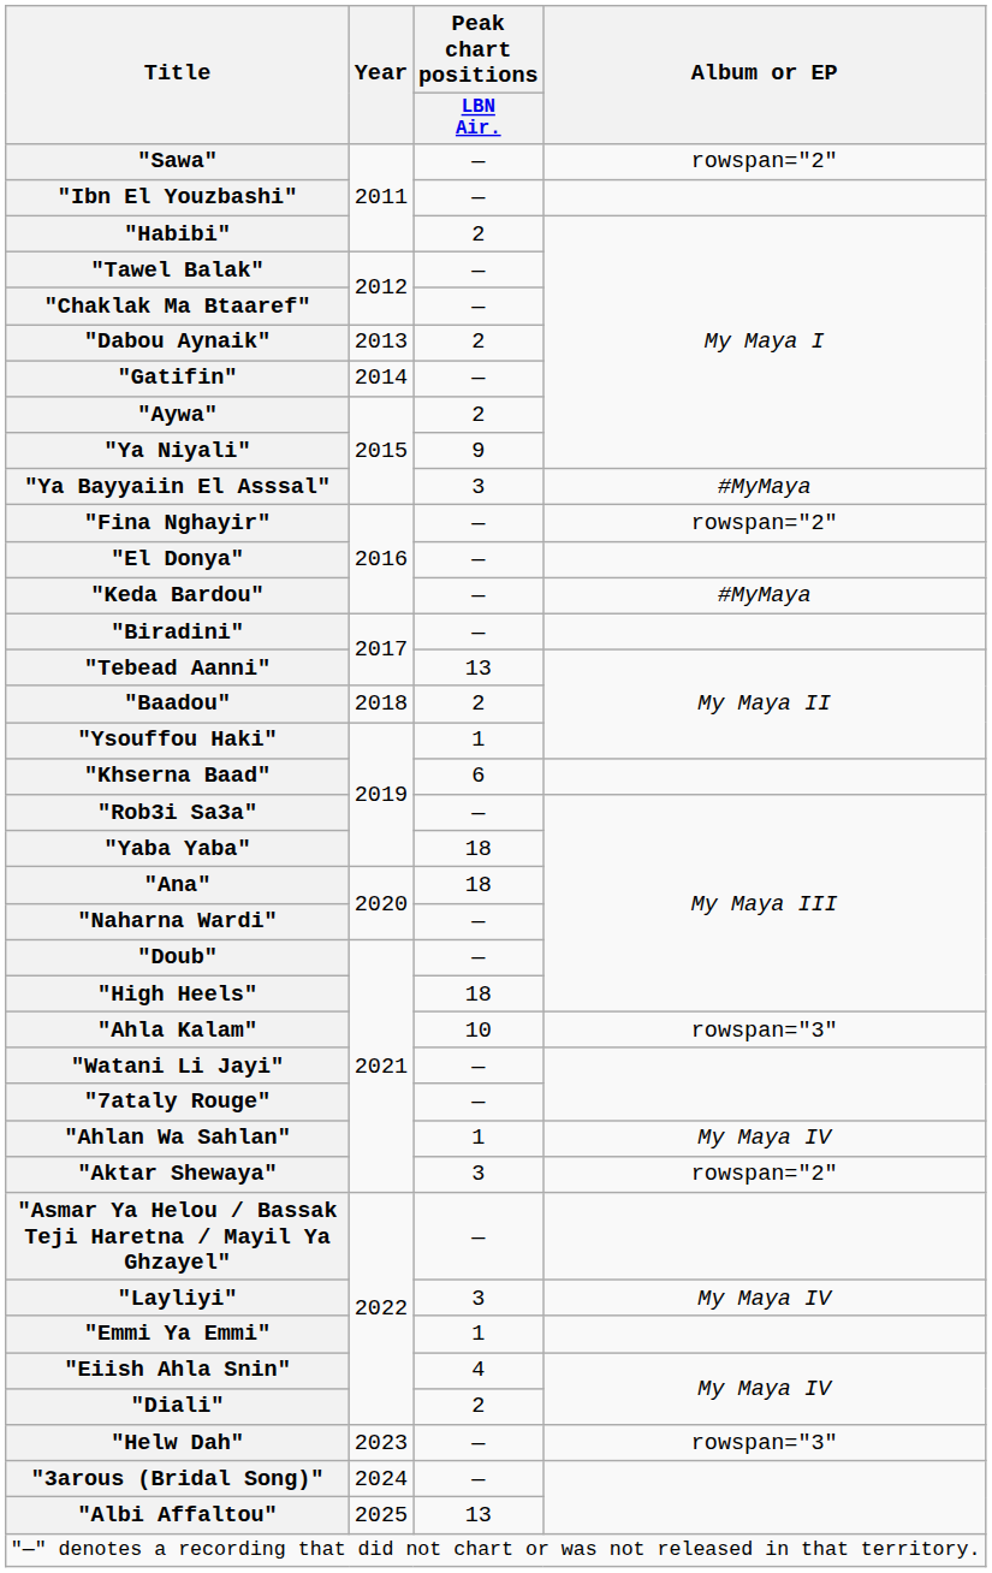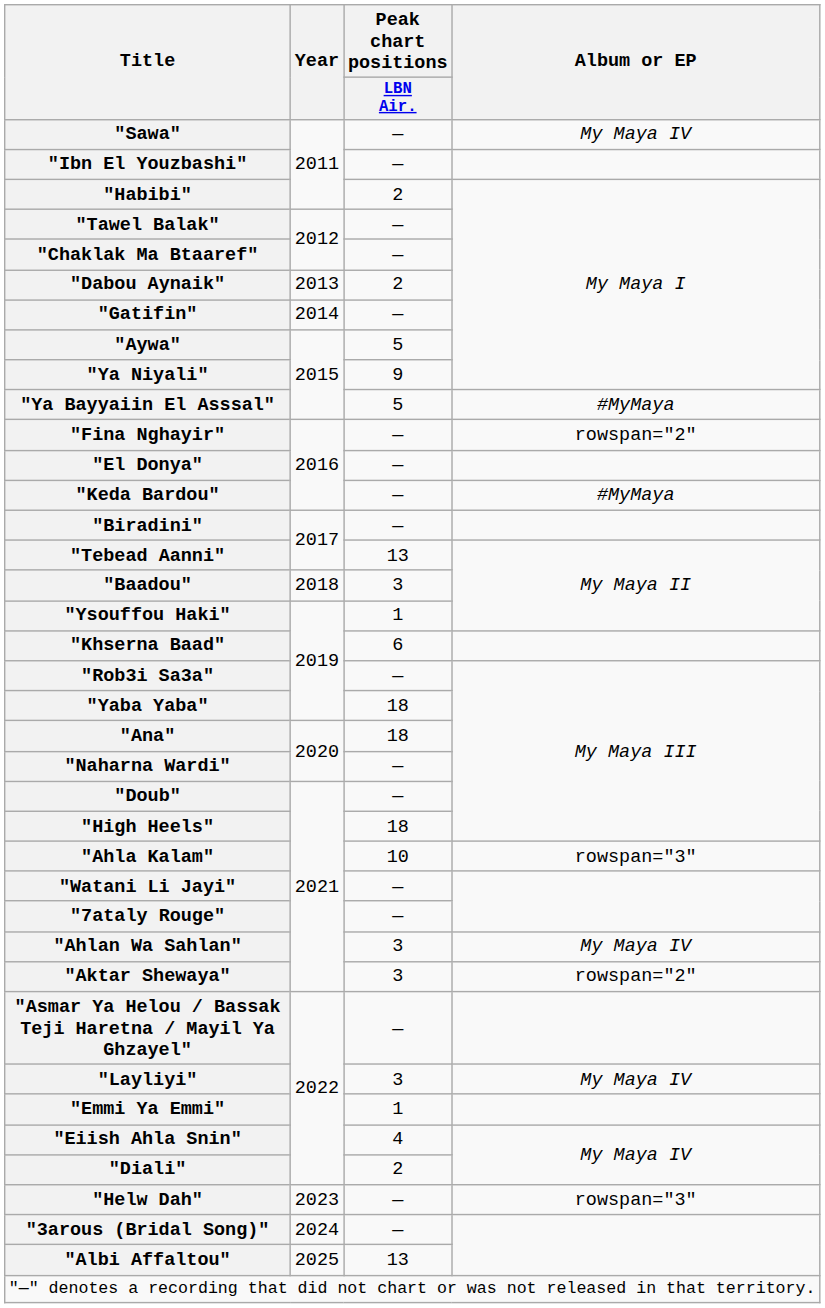 <table class="wikitable plainrowheaders" style="text-align:center;">
 <tr>
 <th scope="col" rowspan="2" style="width:15em;">Title</th>
 <th scope="col" rowspan="2" style="width:1em;">Year</th>
 <th>Peak chart positions</th>
 <th scope="col" rowspan="2">Album or EP</th>
 </tr>
 <tr>
 <th scope="col" style="width:3em;font-size:85%;"><a href='#'>LBN<br>Air.</a><br></th>
 </tr>
 <tr>
 <th scope="row">"Sawa"<br></th>
 <td rowspan="3">2011</td>
 <td>—</td>
-<td>rowspan="2" </td>
+<td><em>My Maya IV</em></td>
 </tr>
 <tr>
 <th scope="row">"Ibn El Youzbashi"</th>
 <td>—</td>
 </tr>
 <tr>
 <th scope="row">"Habibi"</th>
 <td>2</td>
 <td rowspan="7"><em>My Maya I</em></td>
 </tr>
 <tr>
 <th scope="row">"Tawel Balak"</th>
 <td rowspan="2">2012</td>
 <td>—</td>
 </tr>
 <tr>
 <th scope="row">"Chaklak Ma Btaaref"</th>
 <td>—</td>
 </tr>
 <tr>
 <th scope="row">"Dabou Aynaik"</th>
 <td>2013</td>
 <td>2</td>
 </tr>
 <tr>
 <th scope="row">"Gatifin"</th>
 <td>2014</td>
 <td>—</td>
 </tr>
 <tr>
 <th scope="row">"Aywa"</th>
 <td rowspan="3">2015</td>
-<td>2</td>
+<td>5</td>
 </tr>
 <tr>
 <th scope="row">"Ya Niyali"</th>
 <td>9</td>
 </tr>
 <tr>
 <th scope="row">"Ya Bayyaiin El Asssal"</th>
-<td>3</td>
+<td>5</td>
 <td><em>#MyMaya</em></td>
 </tr>
 <tr>
 <th scope="row">"Fina Nghayir"<br></th>
 <td rowspan="3">2016</td>
 <td>—</td>
 <td>rowspan="2" </td>
 </tr>
 <tr>
 <th scope="row">"El Donya"<br></th>
 <td>—</td>
 </tr>
 <tr>
 <th scope="row">"Keda Bardou"</th>
 <td>—</td>
 <td><em>#MyMaya</em></td>
 </tr>
 <tr>
 <th scope="row">"Biradini"<br></th>
 <td rowspan="2">2017</td>
 <td>—</td>
 <td></td>
 </tr>
 <tr>
 <th scope="row">"Tebead Aanni"</th>
 <td>13</td>
 <td rowspan="3"><em>My Maya II</em></td>
 </tr>
 <tr>
 <th scope="row">"Baadou"</th>
 <td>2018</td>
-<td>2</td>
+<td>3</td>
 </tr>
 <tr>
 <th scope="row">"Ysouffou Haki"</th>
 <td rowspan="4">2019</td>
 <td>1</td>
 </tr>
 <tr>
 <th scope="row">"Khserna Baad"<br></th>
 <td>6</td>
 <td></td>
 </tr>
 <tr>
 <th scope="row">"Rob3i Sa3a"</th>
 <td>—</td>
 <td rowspan="6"><em>My Maya III</em></td>
 </tr>
 <tr>
 <th scope="row">"Yaba Yaba"</th>
 <td>18</td>
 </tr>
 <tr>
 <th scope="row">"Ana"</th>
 <td rowspan="2">2020</td>
 <td>18</td>
 </tr>
 <tr>
 <th scope="row">"Naharna Wardi"</th>
 <td>—</td>
 </tr>
 <tr>
 <th scope="row">"Doub"</th>
 <td rowspan="7">2021</td>
 <td>—</td>
 </tr>
 <tr>
 <th scope="row">"High Heels"</th>
 <td>18</td>
 </tr>
 <tr>
 <th scope="row">"Ahla Kalam"</th>
 <td>10</td>
 <td>rowspan="3" </td>
 </tr>
 <tr>
 <th scope="row">"Watani Li Jayi"</th>
 <td>—</td>
 </tr>
 <tr>
 <th scope="row">"7ataly Rouge"<br></th>
 <td>—</td>
 </tr>
 <tr>
 <th scope="row">"Ahlan Wa Sahlan"</th>
-<td>1</td>
+<td>3</td>
 <td><em>My Maya IV</em></td>
 </tr>
 <tr>
 <th scope="row">"Aktar Shewaya"</th>
 <td>3</td>
 <td>rowspan="2" </td>
 </tr>
 <tr>
 <th scope="row">"Asmar Ya Helou / Bassak Teji Haretna / Mayil Ya Ghzayel"</th>
 <td rowspan="5">2022</td>
 <td>—</td>
 </tr>
 <tr>
 <th scope="row">"Layliyi"</th>
 <td>3</td>
 <td><em>My Maya IV</em></td>
 </tr>
 <tr>
 <th scope="row">"Emmi Ya Emmi"</th>
 <td>1</td>
 <td></td>
 </tr>
 <tr>
 <th scope="row">"Eiish Ahla Snin"</th>
 <td>4</td>
 <td rowspan="2"><em>My Maya IV</em></td>
 </tr>
 <tr>
 <th scope="row">"Diali"</th>
 <td>2</td>
 </tr>
 <tr>
 <th scope="row">"Helw Dah"</th>
 <td>2023</td>
 <td>—</td>
 <td>rowspan="3" </td>
 </tr>
 <tr>
 <th scope="row">"3arous (Bridal Song)"</th>
 <td>2024</td>
 <td>—</td>
 </tr>
 <tr>
 <th scope="row">"Albi Affaltou"</th>
 <td>2025</td>
 <td>13</td>
 </tr>
 <tr>
 <td colspan="4" style="font-size:90%">"—" denotes a recording that did not chart or was not released in that territory.</td>
 </tr>
 </table>
